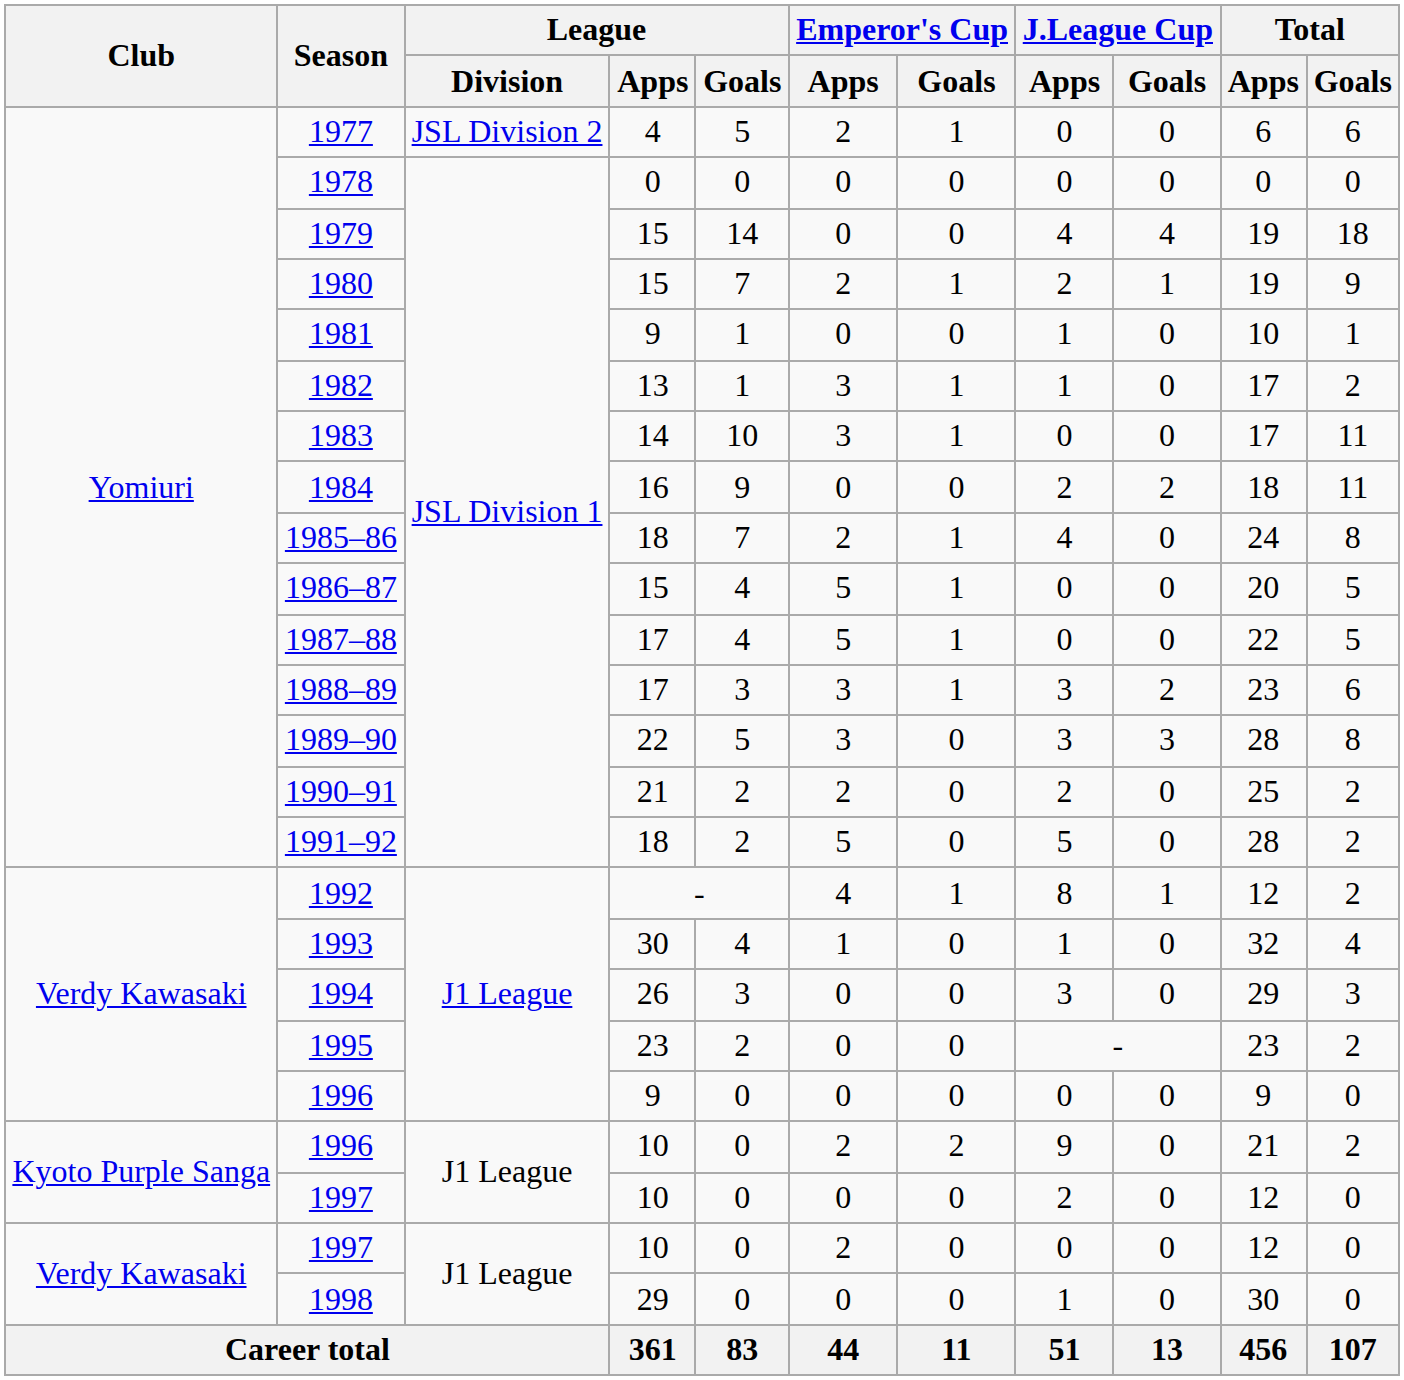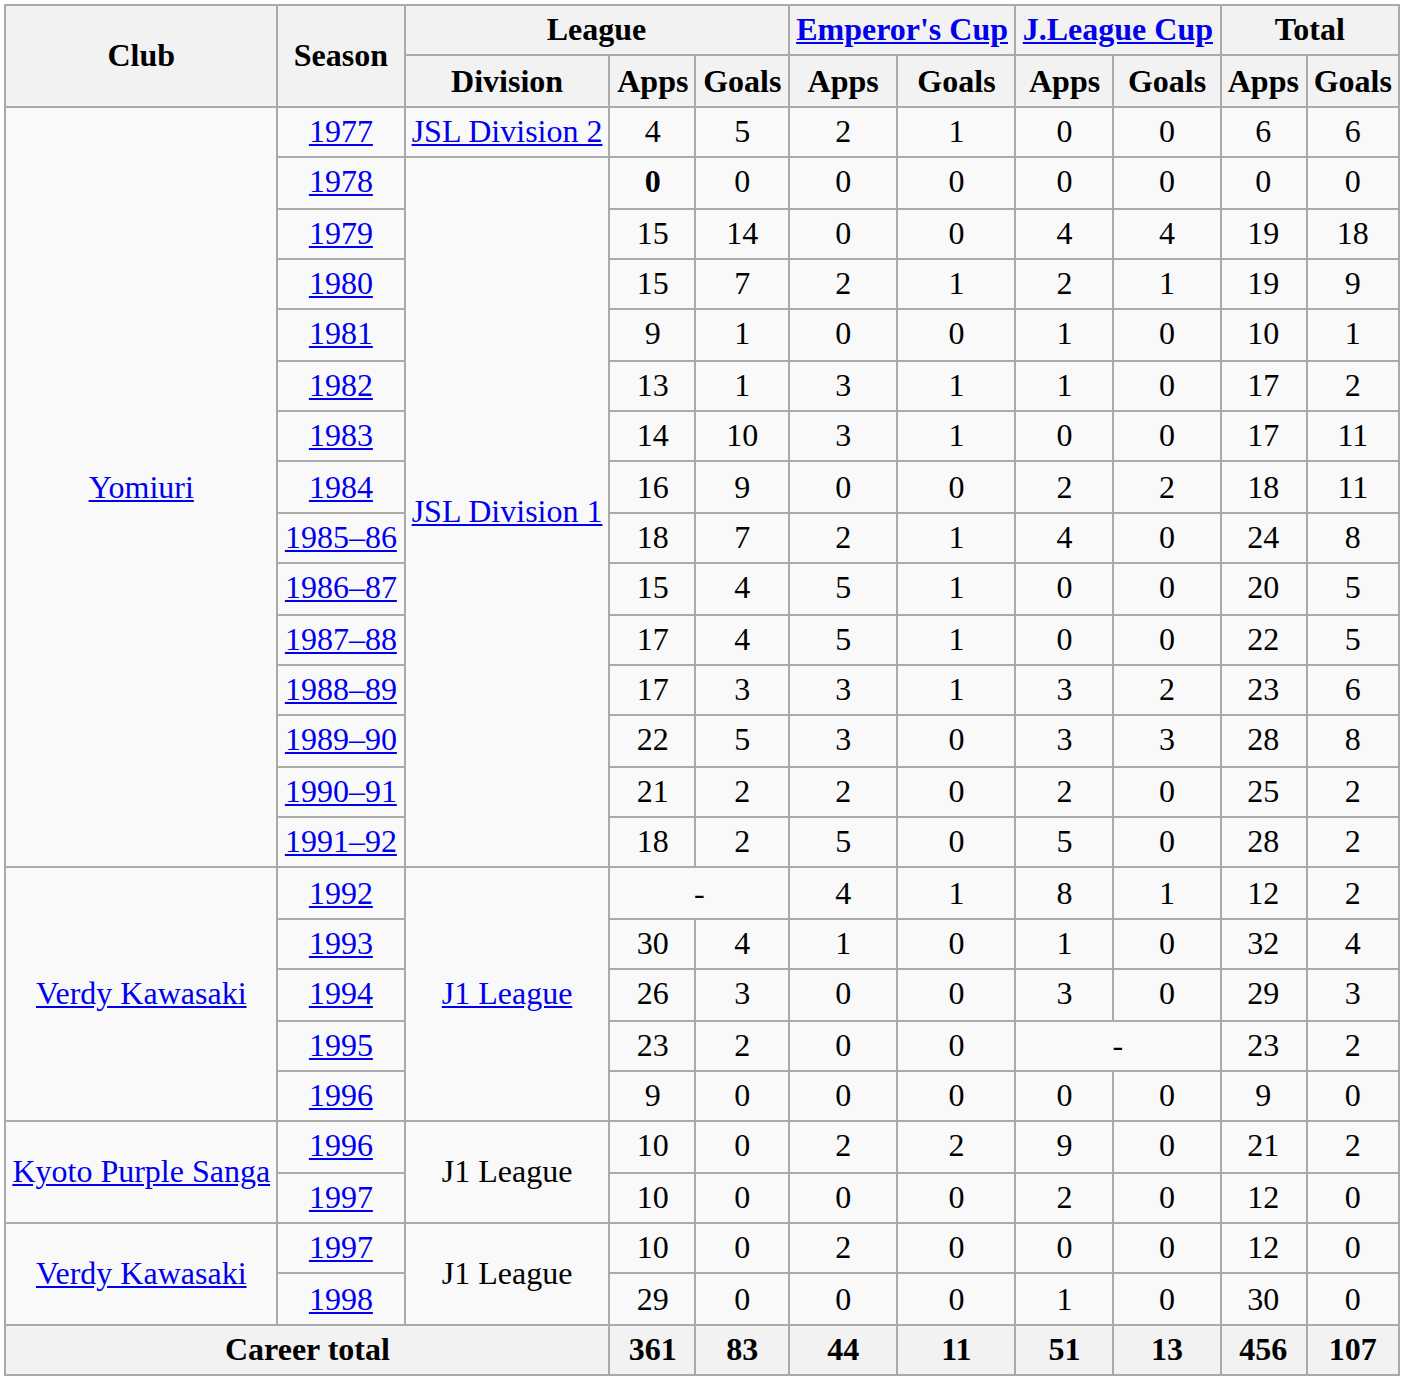 <table class="wikitable" style="text-align:center">
 <tr>
 <th rowspan="2">Club</th>
 <th rowspan="2">Season</th>
 <th colspan="3">League</th>
 <th colspan="2"><a href='#'>Emperor's Cup</a></th>
 <th colspan="2"><a href='#'>J.League Cup</a></th>
 <th colspan="2">Total</th>
 </tr>
 <tr>
 <th>Division</th>
 <th>Apps</th>
 <th>Goals</th>
 <th>Apps</th>
 <th>Goals</th>
 <th>Apps</th>
 <th>Goals</th>
 <th>Apps</th>
 <th>Goals</th>
 </tr>
 <tr>
 <td rowspan="15"><a href='#'>Yomiuri</a></td>
 <td><a href='#'>1977</a></td>
 <td><a href='#'>JSL Division 2</a></td>
 <td>4</td>
 <td>5</td>
 <td>2</td>
 <td>1</td>
 <td>0</td>
 <td>0</td>
 <td>6</td>
 <td>6</td>
 </tr>
 <tr>
 <td><a href='#'>1978</a></td>
 <td rowspan="14"><a href='#'>JSL Division 1</a></td>
-<td>0</td>
+<td><strong>0</strong></td>
 <td>0</td>
 <td>0</td>
 <td>0</td>
 <td>0</td>
 <td>0</td>
 <td>0</td>
 <td>0</td>
 </tr>
 <tr>
 <td><a href='#'>1979</a></td>
 <td>15</td>
 <td>14</td>
 <td>0</td>
 <td>0</td>
 <td>4</td>
 <td>4</td>
 <td>19</td>
 <td>18</td>
 </tr>
 <tr>
 <td><a href='#'>1980</a></td>
 <td>15</td>
 <td>7</td>
 <td>2</td>
 <td>1</td>
 <td>2</td>
 <td>1</td>
 <td>19</td>
 <td>9</td>
 </tr>
 <tr>
 <td><a href='#'>1981</a></td>
 <td>9</td>
 <td>1</td>
 <td>0</td>
 <td>0</td>
 <td>1</td>
 <td>0</td>
 <td>10</td>
 <td>1</td>
 </tr>
 <tr>
 <td><a href='#'>1982</a></td>
 <td>13</td>
 <td>1</td>
 <td>3</td>
 <td>1</td>
 <td>1</td>
 <td>0</td>
 <td>17</td>
 <td>2</td>
 </tr>
 <tr>
 <td><a href='#'>1983</a></td>
 <td>14</td>
 <td>10</td>
 <td>3</td>
 <td>1</td>
 <td>0</td>
 <td>0</td>
 <td>17</td>
 <td>11</td>
 </tr>
 <tr>
 <td><a href='#'>1984</a></td>
 <td>16</td>
 <td>9</td>
 <td>0</td>
 <td>0</td>
 <td>2</td>
 <td>2</td>
 <td>18</td>
 <td>11</td>
 </tr>
 <tr>
 <td><a href='#'>1985–86</a></td>
 <td>18</td>
 <td>7</td>
 <td>2</td>
 <td>1</td>
 <td>4</td>
 <td>0</td>
 <td>24</td>
 <td>8</td>
 </tr>
 <tr>
 <td><a href='#'>1986–87</a></td>
 <td>15</td>
 <td>4</td>
 <td>5</td>
 <td>1</td>
 <td>0</td>
 <td>0</td>
 <td>20</td>
 <td>5</td>
 </tr>
 <tr>
 <td><a href='#'>1987–88</a></td>
 <td>17</td>
 <td>4</td>
 <td>5</td>
 <td>1</td>
 <td>0</td>
 <td>0</td>
 <td>22</td>
 <td>5</td>
 </tr>
 <tr>
 <td><a href='#'>1988–89</a></td>
 <td>17</td>
 <td>3</td>
 <td>3</td>
 <td>1</td>
 <td>3</td>
 <td>2</td>
 <td>23</td>
 <td>6</td>
 </tr>
 <tr>
 <td><a href='#'>1989–90</a></td>
 <td>22</td>
 <td>5</td>
 <td>3</td>
 <td>0</td>
 <td>3</td>
 <td>3</td>
 <td>28</td>
 <td>8</td>
 </tr>
 <tr>
 <td><a href='#'>1990–91</a></td>
 <td>21</td>
 <td>2</td>
 <td>2</td>
 <td>0</td>
 <td>2</td>
 <td>0</td>
 <td>25</td>
 <td>2</td>
 </tr>
 <tr>
 <td><a href='#'>1991–92</a></td>
 <td>18</td>
 <td>2</td>
 <td>5</td>
 <td>0</td>
 <td>5</td>
 <td>0</td>
 <td>28</td>
 <td>2</td>
 </tr>
 <tr>
 <td rowspan="5"><a href='#'>Verdy Kawasaki</a></td>
 <td><a href='#'>1992</a></td>
 <td rowspan="5"><a href='#'>J1 League</a></td>
 <td colspan="2">-</td>
 <td>4</td>
 <td>1</td>
 <td>8</td>
 <td>1</td>
 <td>12</td>
 <td>2</td>
 </tr>
 <tr>
 <td><a href='#'>1993</a></td>
 <td>30</td>
 <td>4</td>
 <td>1</td>
 <td>0</td>
 <td>1</td>
 <td>0</td>
 <td>32</td>
 <td>4</td>
 </tr>
 <tr>
 <td><a href='#'>1994</a></td>
 <td>26</td>
 <td>3</td>
 <td>0</td>
 <td>0</td>
 <td>3</td>
 <td>0</td>
 <td>29</td>
 <td>3</td>
 </tr>
 <tr>
 <td><a href='#'>1995</a></td>
 <td>23</td>
 <td>2</td>
 <td>0</td>
 <td>0</td>
 <td colspan="2">-</td>
 <td>23</td>
 <td>2</td>
 </tr>
 <tr>
 <td><a href='#'>1996</a></td>
 <td>9</td>
 <td>0</td>
 <td>0</td>
 <td>0</td>
 <td>0</td>
 <td>0</td>
 <td>9</td>
 <td>0</td>
 </tr>
 <tr>
 <td rowspan="2"><a href='#'>Kyoto Purple Sanga</a></td>
 <td><a href='#'>1996</a></td>
 <td rowspan="2">J1 League</td>
 <td>10</td>
 <td>0</td>
 <td>2</td>
 <td>2</td>
 <td>9</td>
 <td>0</td>
 <td>21</td>
 <td>2</td>
 </tr>
 <tr>
 <td><a href='#'>1997</a></td>
 <td>10</td>
 <td>0</td>
 <td>0</td>
 <td>0</td>
 <td>2</td>
 <td>0</td>
 <td>12</td>
 <td>0</td>
 </tr>
 <tr>
 <td rowspan="2"><a href='#'>Verdy Kawasaki</a></td>
 <td><a href='#'>1997</a></td>
 <td rowspan="2">J1 League</td>
 <td>10</td>
 <td>0</td>
 <td>2</td>
 <td>0</td>
 <td>0</td>
 <td>0</td>
 <td>12</td>
 <td>0</td>
 </tr>
 <tr>
 <td><a href='#'>1998</a></td>
 <td>29</td>
 <td>0</td>
 <td>0</td>
 <td>0</td>
 <td>1</td>
 <td>0</td>
 <td>30</td>
 <td>0</td>
 </tr>
 <tr>
 <th colspan="3">Career total</th>
 <th>361</th>
 <th>83</th>
 <th>44</th>
 <th>11</th>
 <th>51</th>
 <th>13</th>
 <th>456</th>
 <th>107</th>
 </tr>
 </table>
